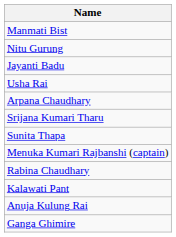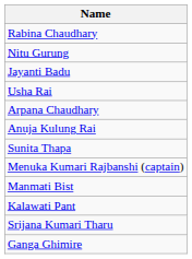 <table class="wikitable sortable" style="text-align: left">
 <tr>
 <th style="text-align:center;">Name</th>
 </tr>
 <tr>
-<td><a href='#'>Manmati Bist</a></td>
+<td><a href='#'>Rabina Chaudhary</a></td>
 </tr>
 <tr>
 <td><a href='#'>Nitu Gurung</a></td>
 </tr>
 <tr>
 <td><a href='#'>Jayanti Badu</a></td>
 </tr>
 <tr>
 <td><a href='#'>Usha Rai</a></td>
 </tr>
 <tr>
 <td><a href='#'>Arpana Chaudhary</a></td>
 </tr>
 <tr>
-<td><a href='#'>Srijana Kumari Tharu</a></td>
+<td><a href='#'>Anuja Kulung Rai</a></td>
 </tr>
 <tr>
 <td><a href='#'>Sunita Thapa</a></td>
 </tr>
 <tr>
 <td><a href='#'>Menuka Kumari Rajbanshi</a> (<a href='#'>captain</a>)</td>
 </tr>
 <tr>
-<td><a href='#'>Rabina Chaudhary</a></td>
+<td><a href='#'>Manmati Bist</a></td>
 </tr>
 <tr>
 <td><a href='#'>Kalawati Pant</a></td>
 </tr>
 <tr>
-<td><a href='#'>Anuja Kulung Rai</a></td>
+<td><a href='#'>Srijana Kumari Tharu</a></td>
 </tr>
 <tr>
 <td><a href='#'>Ganga Ghimire</a></td>
 </tr>
 </table>
